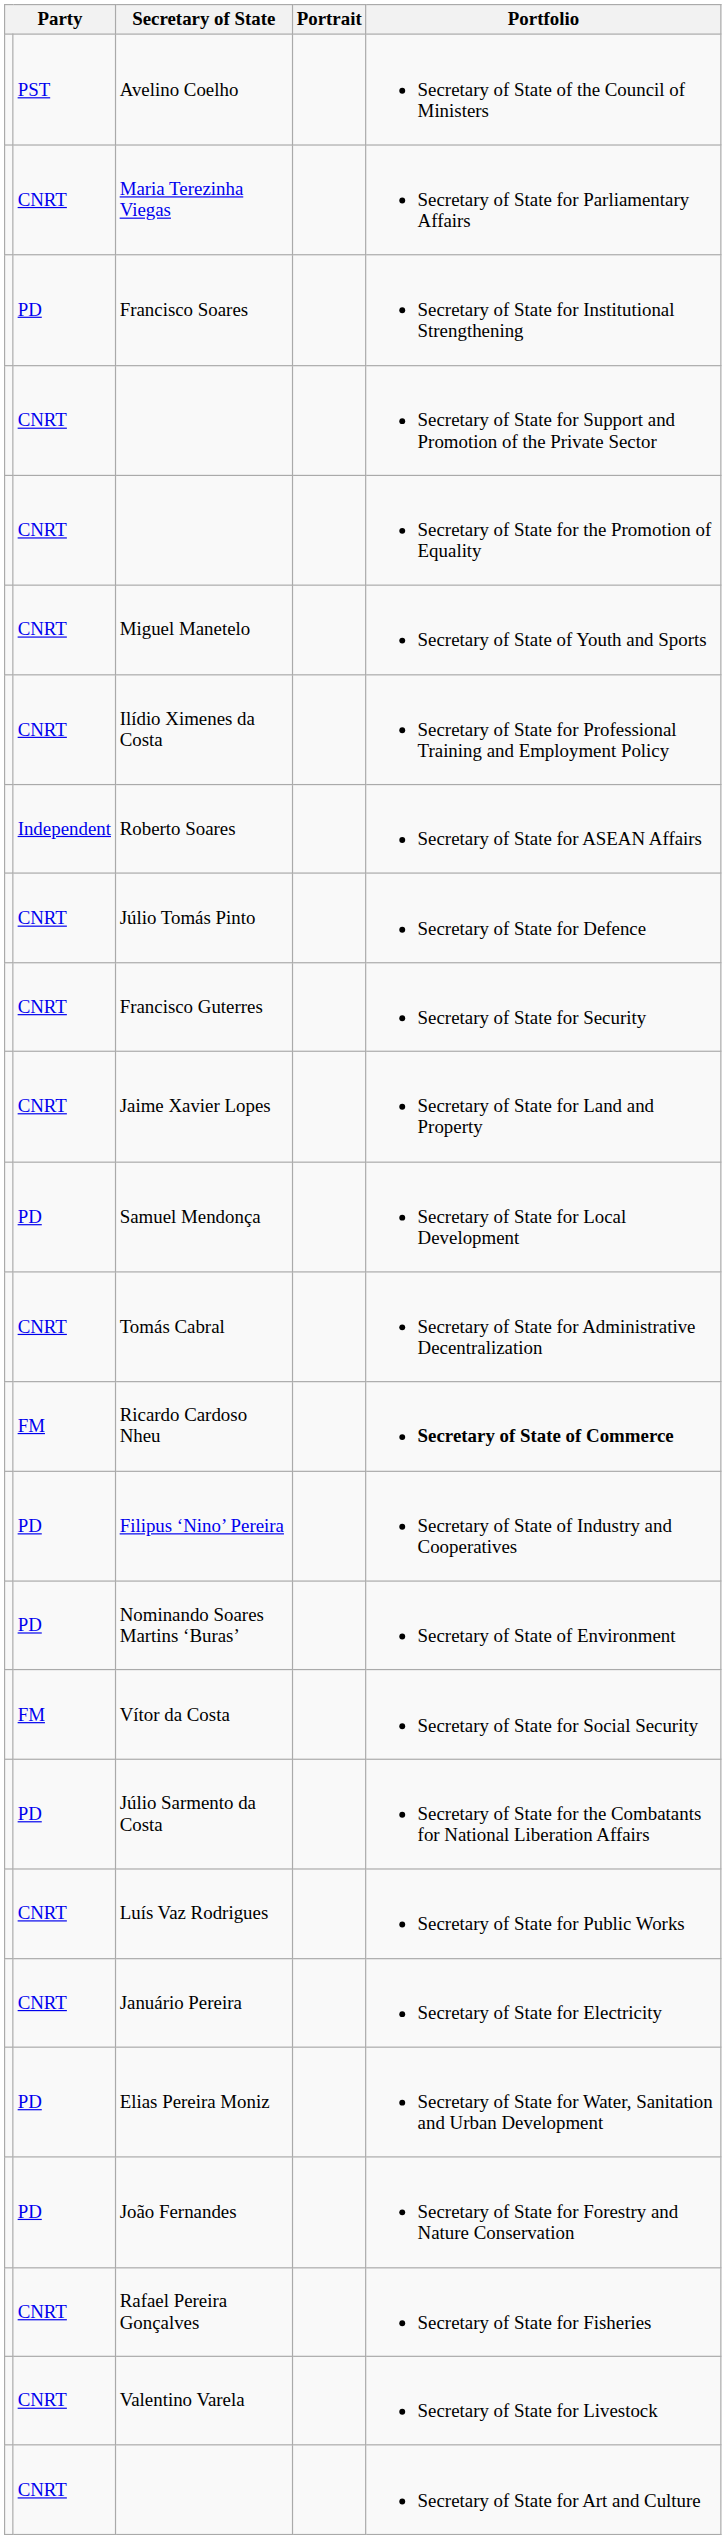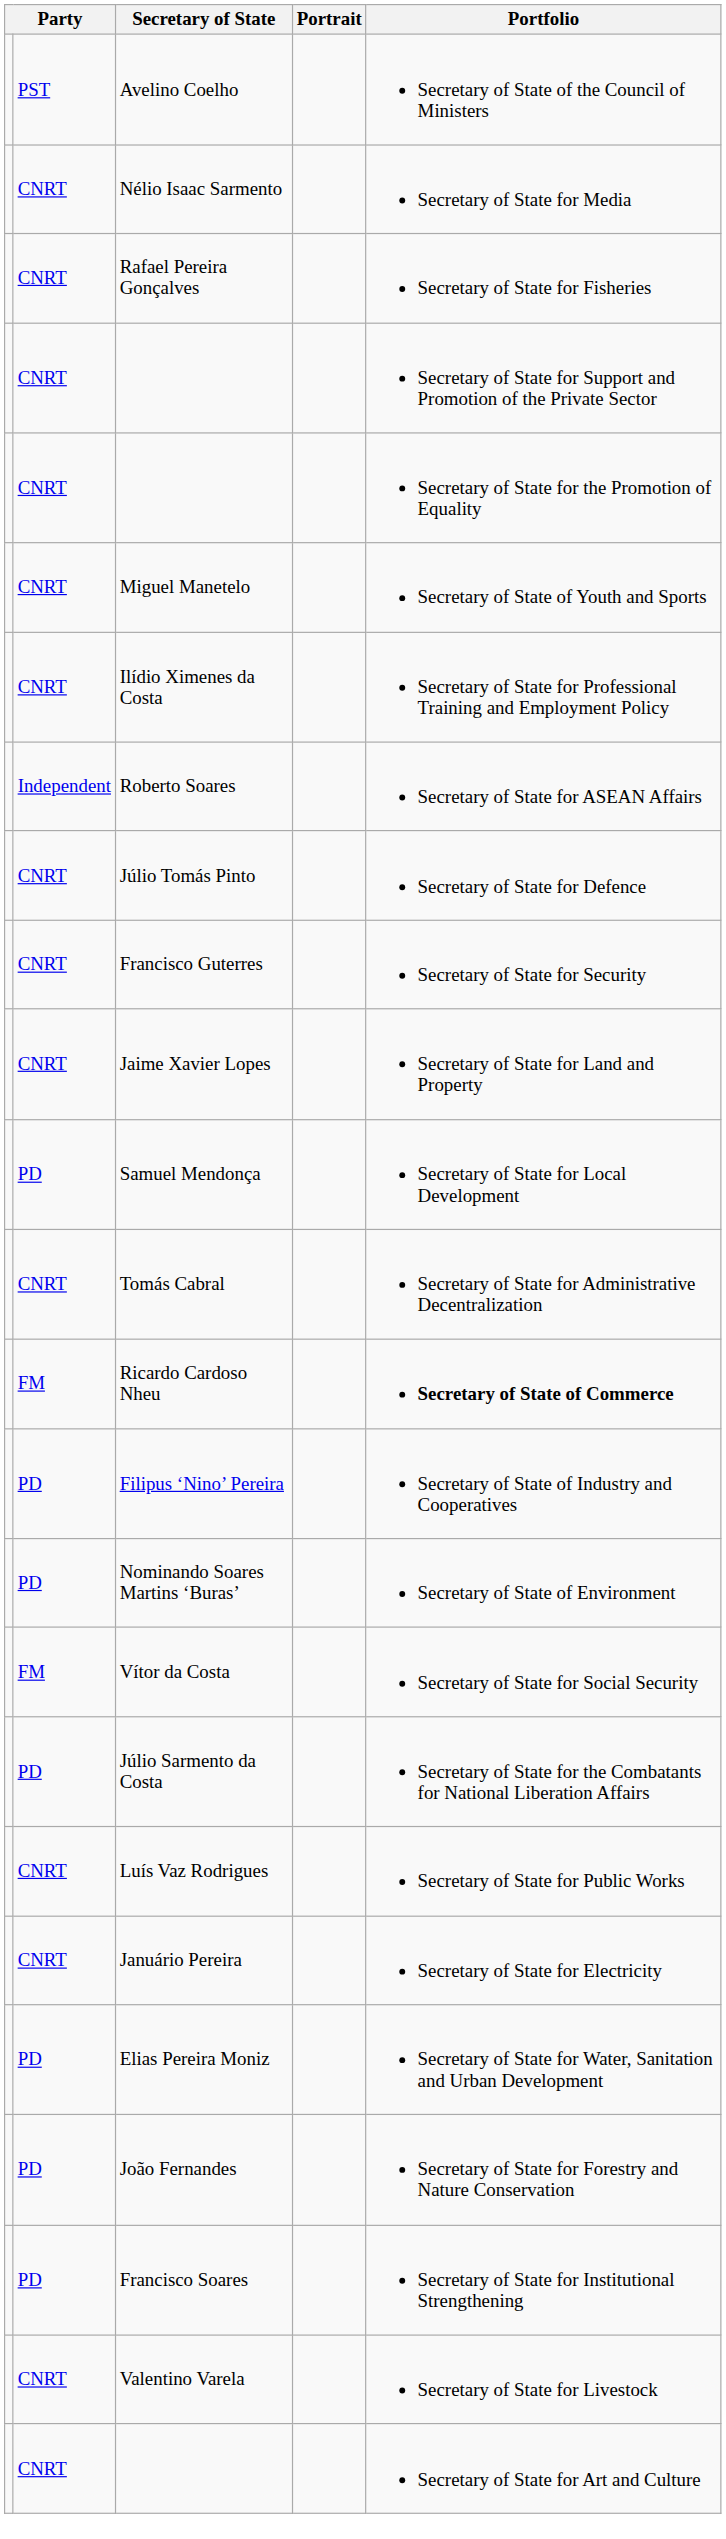 <table class="wikitable sortable">
 <tr>
 <th colspan="2">Party</th>
 <th>Secretary of State</th>
 <th>Portrait</th>
 <th>Portfolio</th>
 </tr>
 <tr>
 <td style="background:"></td>
 <td><a href='#'>PST</a></td>
 <td>Avelino Coelho</td>
 <td></td>
 <td><br><ul><li>Secretary of State of the Council of Ministers</li></ul></td>
 </tr>
 <tr>
 <td style="background:"></td>
 <td><a href='#'>CNRT</a></td>
-<td><a href='#'>Maria Terezinha Viegas</a></td>
+<td>Nélio Isaac Sarmento</td>
 <td></td>
-<td><br><ul><li>Secretary of State for Parliamentary Affairs</li></ul></td>
+<td><br><ul><li>Secretary of State for Media</li></ul></td>
 </tr>
 <tr>
 <td style="background:"></td>
-<td><a href='#'>PD</a></td>
-<td>Francisco Soares</td>
+<td><a href='#'>CNRT</a></td>
+<td>Rafael Pereira Gonçalves</td>
 <td></td>
-<td><br><ul><li>Secretary of State for Institutional Strengthening</li></ul></td>
+<td><br><ul><li>Secretary of State for Fisheries</li></ul></td>
 </tr>
 <tr>
 <td style="background:"></td>
 <td><a href='#'>CNRT</a></td>
 <td></td>
 <td></td>
 <td><br><ul><li>Secretary of State for Support and Promotion of the Private Sector</li></ul></td>
 </tr>
 <tr>
 <td style="background:"></td>
 <td><a href='#'>CNRT</a></td>
 <td></td>
 <td></td>
 <td><br><ul><li>Secretary of State for the Promotion of Equality</li></ul></td>
 </tr>
 <tr>
 <td style="background:"></td>
 <td><a href='#'>CNRT</a></td>
 <td>Miguel Manetelo</td>
 <td></td>
 <td><br><ul><li>Secretary of State of Youth and Sports</li></ul></td>
 </tr>
 <tr>
 <td style="background:"></td>
 <td><a href='#'>CNRT</a></td>
 <td>Ilídio Ximenes da Costa</td>
 <td></td>
 <td><br><ul><li>Secretary of State for Professional Training and Employment Policy</li></ul></td>
 </tr>
 <tr>
 <td style="background:"></td>
 <td><a href='#'>Independent</a></td>
 <td>Roberto Soares</td>
 <td></td>
 <td><br><ul><li>Secretary of State for ASEAN Affairs</li></ul></td>
 </tr>
 <tr>
 <td style="background:"></td>
 <td><a href='#'>CNRT</a></td>
 <td>Júlio Tomás Pinto</td>
 <td></td>
 <td><br><ul><li>Secretary of State for Defence</li></ul></td>
 </tr>
 <tr>
 <td style="background:"></td>
 <td><a href='#'>CNRT</a></td>
 <td>Francisco Guterres</td>
 <td></td>
 <td><br><ul><li>Secretary of State for Security</li></ul></td>
 </tr>
 <tr>
 <td style="background:"></td>
 <td><a href='#'>CNRT</a></td>
 <td>Jaime Xavier Lopes</td>
 <td></td>
 <td><br><ul><li>Secretary of State for Land and Property</li></ul></td>
 </tr>
 <tr>
 <td style="background:"></td>
 <td><a href='#'>PD</a></td>
 <td>Samuel Mendonça</td>
 <td></td>
 <td><br><ul><li>Secretary of State for Local Development</li></ul></td>
 </tr>
 <tr>
 <td style="background:"></td>
 <td><a href='#'>CNRT</a></td>
 <td>Tomás Cabral</td>
 <td></td>
 <td><br><ul><li>Secretary of State for Administrative Decentralization</li></ul></td>
 </tr>
 <tr>
 <td style="background:"></td>
 <td><a href='#'>FM</a></td>
 <td>Ricardo Cardoso Nheu</td>
 <td></td>
 <td><strong><br><ul><li>Secretary of State of Commerce</li></ul></strong></td>
 </tr>
 <tr>
 <td style="background:"></td>
 <td><a href='#'>PD</a></td>
 <td><a href='#'>Filipus ‘Nino’ Pereira</a></td>
 <td></td>
 <td><br><ul><li>Secretary of State of Industry and Cooperatives</li></ul></td>
 </tr>
 <tr>
 <td style="background:"></td>
 <td><a href='#'>PD</a></td>
 <td>Nominando Soares Martins ‘Buras’</td>
 <td></td>
 <td><br><ul><li>Secretary of State of Environment</li></ul></td>
 </tr>
 <tr>
 <td style="background:"></td>
 <td><a href='#'>FM</a></td>
 <td>Vítor da Costa</td>
 <td></td>
 <td><br><ul><li>Secretary of State for Social Security</li></ul></td>
 </tr>
 <tr>
 <td style="background:"></td>
 <td><a href='#'>PD</a></td>
 <td>Júlio Sarmento da Costa</td>
 <td></td>
 <td><br><ul><li>Secretary of State for the Combatants for National Liberation Affairs</li></ul></td>
 </tr>
 <tr>
 <td style="background:"></td>
 <td><a href='#'>CNRT</a></td>
 <td>Luís Vaz Rodrigues</td>
 <td></td>
 <td><br><ul><li>Secretary of State for Public Works</li></ul></td>
 </tr>
 <tr>
 <td style="background:"></td>
 <td><a href='#'>CNRT</a></td>
 <td>Januário Pereira</td>
 <td></td>
 <td><br><ul><li>Secretary of State for Electricity</li></ul></td>
 </tr>
 <tr>
 <td style="background:"></td>
 <td><a href='#'>PD</a></td>
 <td>Elias Pereira Moniz</td>
 <td></td>
 <td><br><ul><li>Secretary of State for Water, Sanitation and Urban Development</li></ul></td>
 </tr>
 <tr>
 <td style="background:"></td>
 <td><a href='#'>PD</a></td>
 <td>João Fernandes</td>
 <td></td>
 <td><br><ul><li>Secretary of State for Forestry and Nature Conservation</li></ul></td>
 </tr>
 <tr>
 <td style="background:"></td>
-<td><a href='#'>CNRT</a></td>
-<td>Rafael Pereira Gonçalves</td>
+<td><a href='#'>PD</a></td>
+<td>Francisco Soares</td>
 <td></td>
-<td><br><ul><li>Secretary of State for Fisheries</li></ul></td>
+<td><br><ul><li>Secretary of State for Institutional Strengthening</li></ul></td>
 </tr>
 <tr>
 <td style="background:"></td>
 <td><a href='#'>CNRT</a></td>
 <td>Valentino Varela</td>
 <td></td>
 <td><br><ul><li>Secretary of State for Livestock</li></ul></td>
 </tr>
 <tr>
 <td style="background:"></td>
 <td><a href='#'>CNRT</a></td>
 <td></td>
 <td></td>
 <td><br><ul><li>Secretary of State for Art and Culture</li></ul></td>
 </tr>
 </table>
